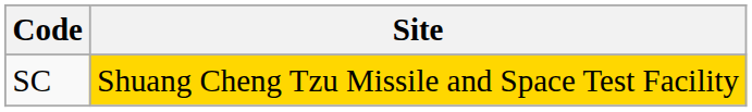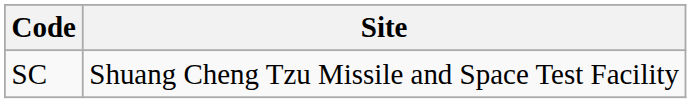 <table class="wikitable">
 <tr>
 <th>Code</th>
 <th>Site</th>
 </tr>
 <tr>
 <td>SC</td>
-<td style="background: gold;">Shuang Cheng Tzu Missile and Space Test Facility</td>
+<td>Shuang Cheng Tzu Missile and Space Test Facility</td>
 </tr>
 </table>
